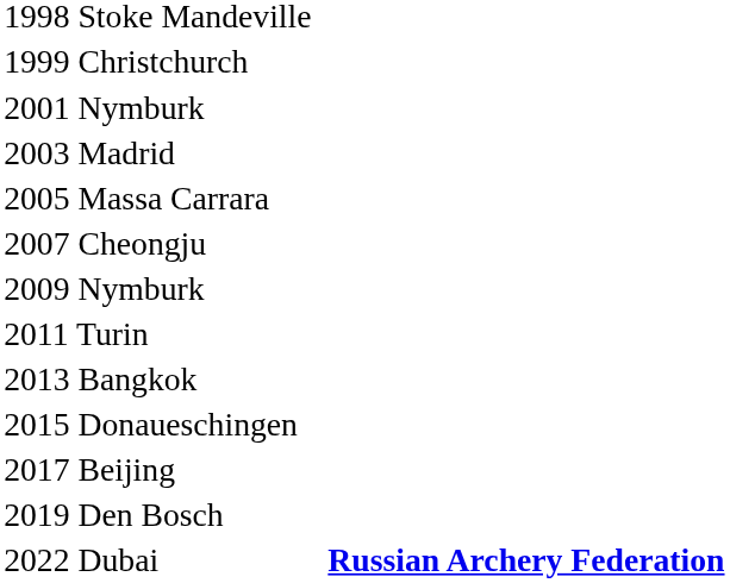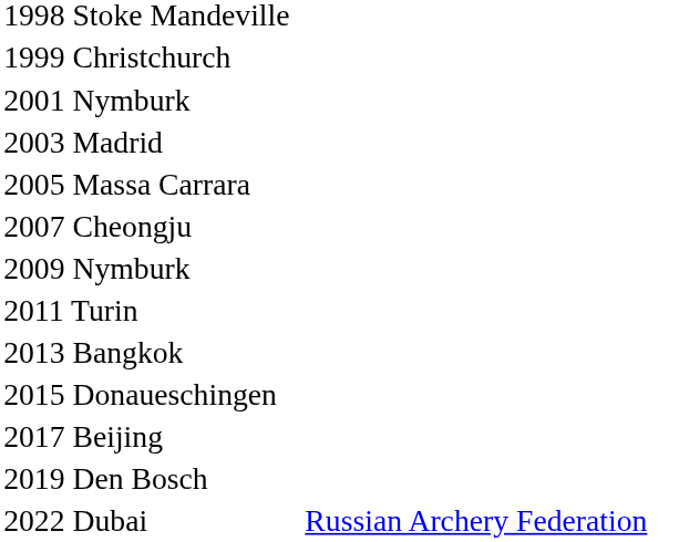 <table>
 <tr>
 <td>1998 Stoke Mandeville</td>
 <td></td>
 <td></td>
 <td></td>
 </tr>
 <tr>
 <td>1999 Christchurch</td>
 <td></td>
 <td></td>
 <td></td>
 </tr>
 <tr>
 <td>2001 Nymburk</td>
 <td></td>
 <td></td>
 <td></td>
 </tr>
 <tr>
 <td>2003 Madrid</td>
 <td></td>
 <td></td>
 <td></td>
 </tr>
 <tr>
 <td>2005 Massa Carrara</td>
 <td></td>
 <td></td>
 <td></td>
 </tr>
 <tr>
 <td>2007 Cheongju</td>
 <td></td>
 <td></td>
 <td></td>
 </tr>
 <tr>
 <td>2009 Nymburk</td>
 <td></td>
 <td></td>
 <td></td>
 </tr>
 <tr>
 <td>2011 Turin</td>
 <td></td>
 <td></td>
 <td></td>
 </tr>
 <tr>
 <td>2013 Bangkok</td>
 <td></td>
 <td></td>
 <td></td>
 </tr>
 <tr>
 <td>2015 Donaueschingen</td>
 <td></td>
 <td></td>
 <td></td>
 </tr>
 <tr>
 <td>2017 Beijing</td>
 <td></td>
 <td></td>
 <td></td>
 </tr>
 <tr>
 <td>2019 Den Bosch</td>
 <td></td>
 <td></td>
 <td></td>
 </tr>
 <tr>
 <td>2022 Dubai</td>
 <td></td>
-<td><strong><a href='#'>Russian Archery Federation</a></strong></td>
+<td><a href='#'>Russian Archery Federation</a></td>
 <td></td>
 </tr>
 </table>
